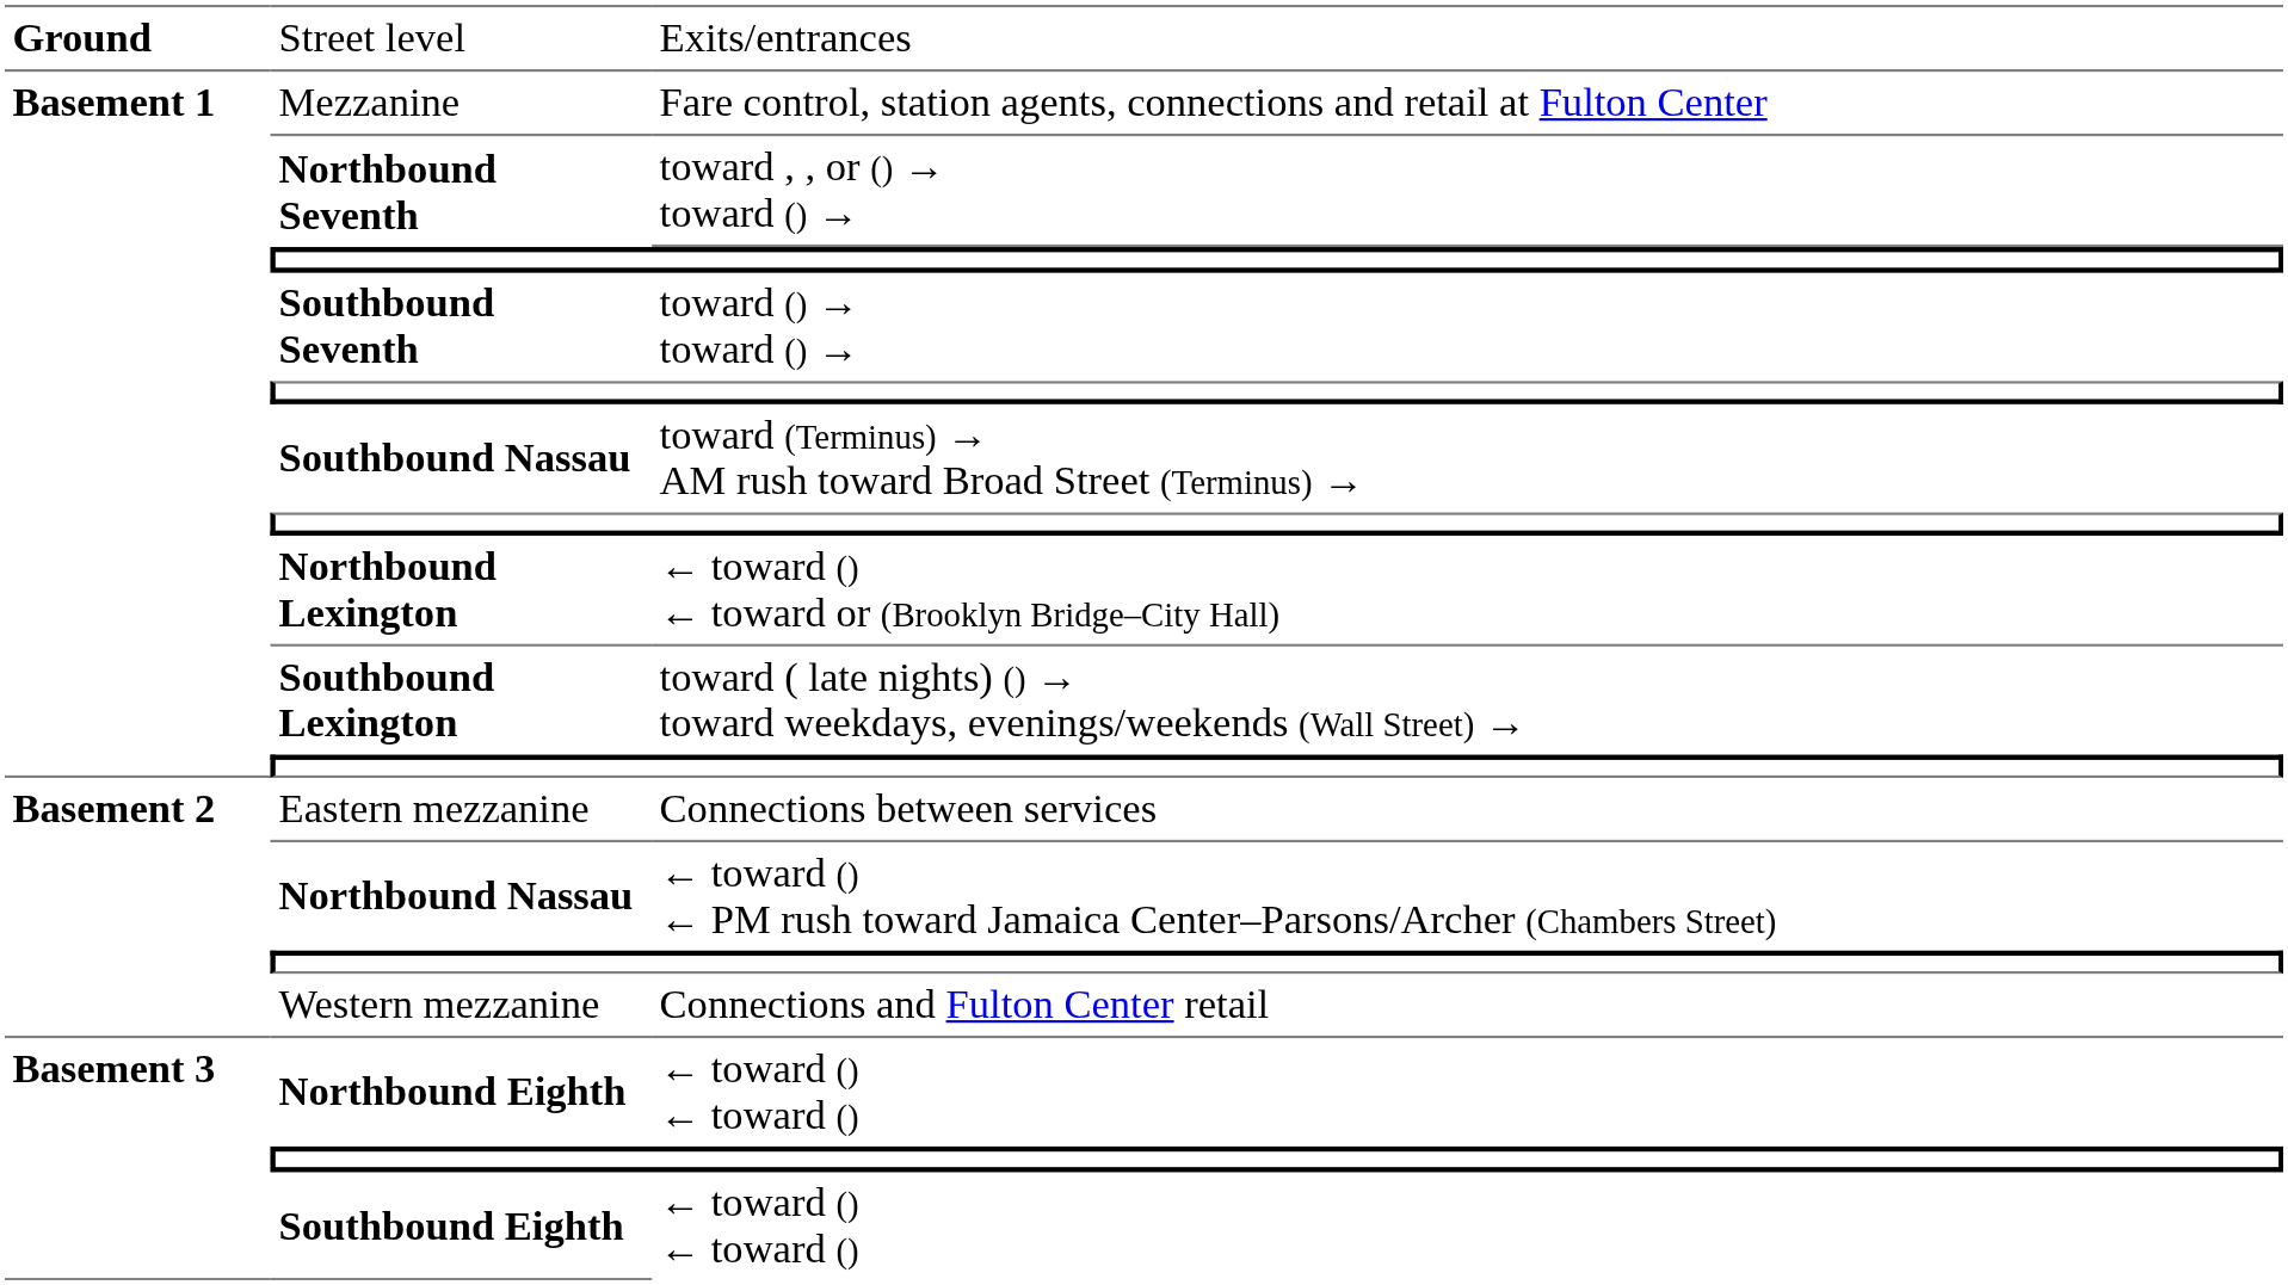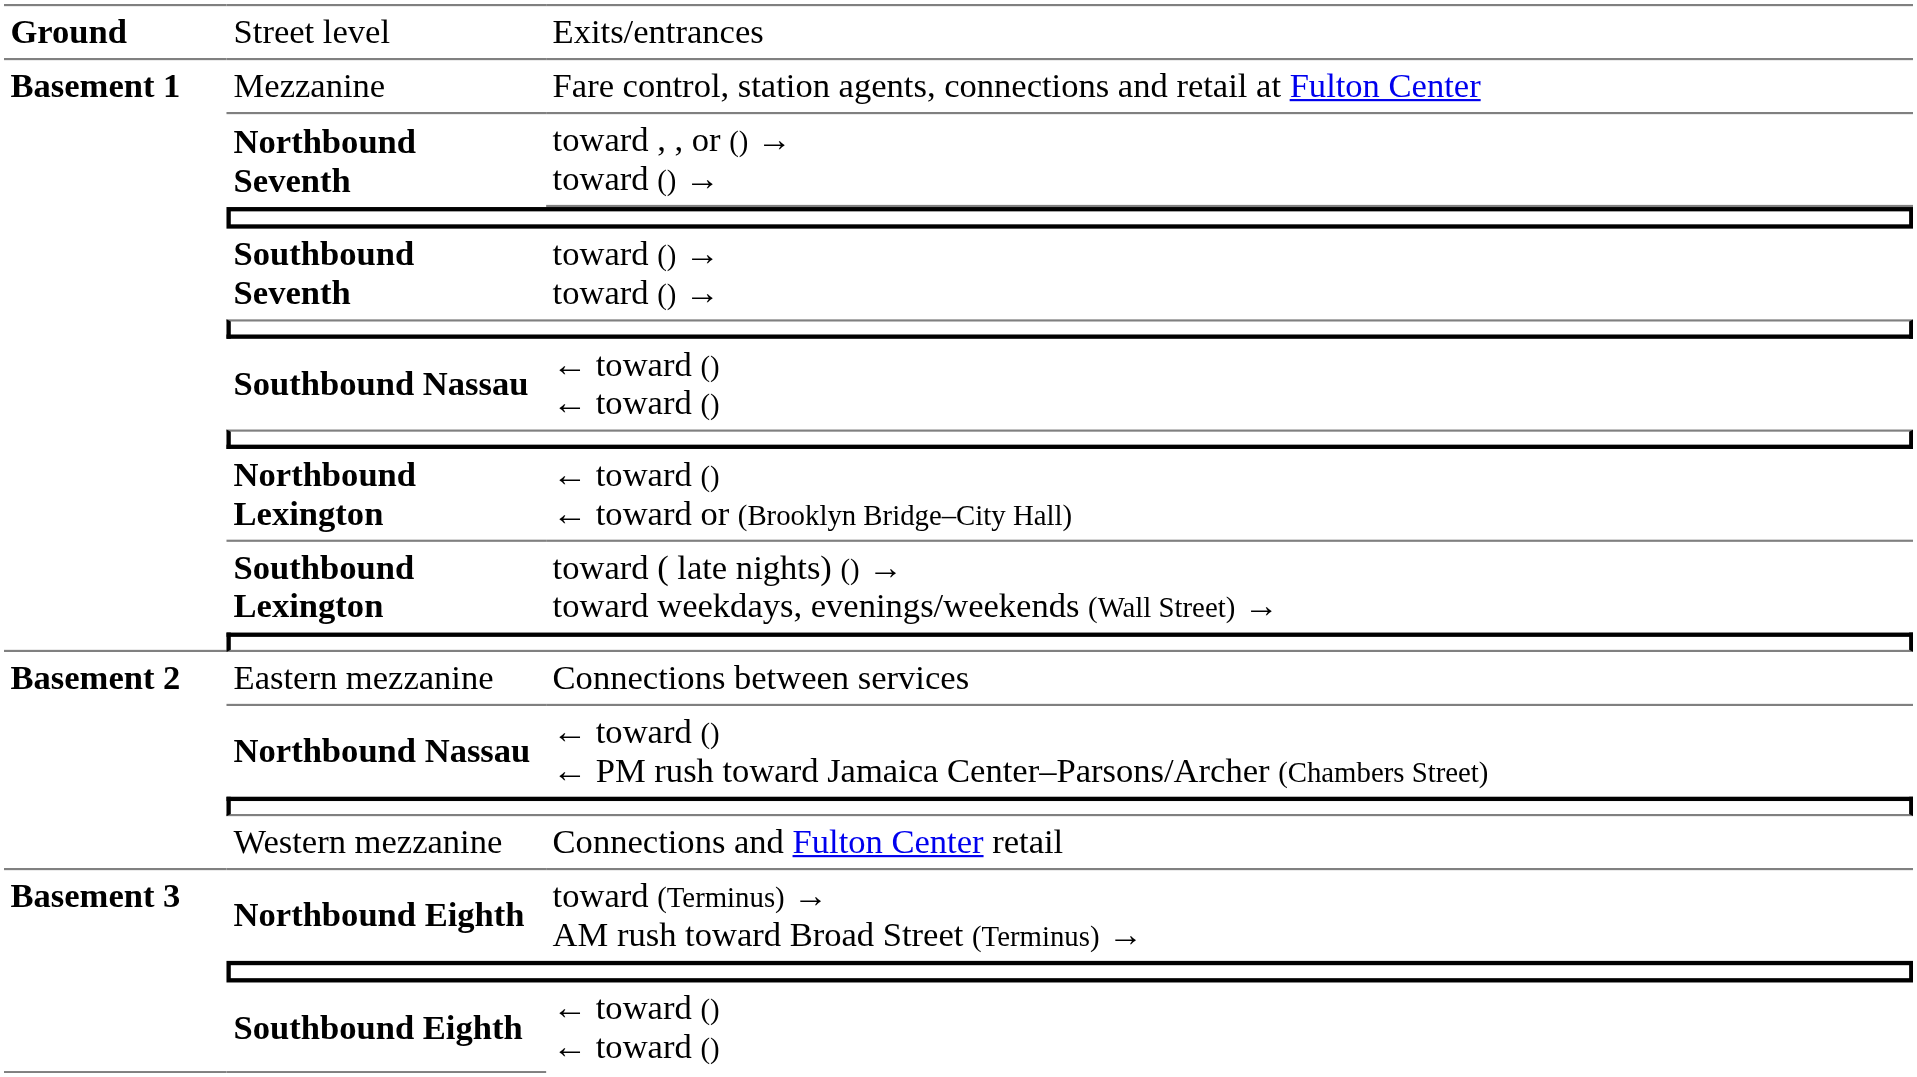 <table table border=0 cellspacing=0 cellpadding=3>
 <tr>
 <td style="border-bottom:solid 1px gray;border-top:solid 1px gray;" width=100><strong>Ground</strong></td>
 <td style="border-top:solid 1px gray;border-bottom:solid 1px gray;" width=150>Street level</td>
 <td style="border-top:solid 1px gray;border-bottom:solid 1px gray;" width=700>Exits/entrances<br></td>
 </tr>
 <tr>
 <td style="border-bottom:solid 1px gray;vertical-align:top" rowspan=10><strong>Basement 1</strong></td>
 <td style="border-bottom:solid 1px gray;">Mezzanine</td>
 <td style="border-bottom:solid 1px gray;">Fare control, station agents, connections and retail at <a href='#'>Fulton Center</a></td>
 </tr>
 <tr>
 <td><span><strong>Northbound Seventh</strong></span></td>
 <td style="border-bottom:solid 1px gray;">  toward , , or  <small>()</small> →<br>  toward  <small>()</small> →</td>
 </tr>
 <tr>
 <td style="border-top:solid 2px black;border-right:solid 2px black;border-left:solid 2px black;border-bottom:solid 2px black;text-align:center;" colspan=2></td>
 </tr>
 <tr>
 <td><span><strong>Southbound Seventh</strong></span></td>
 <td>  toward  <small>()</small> →<br>  toward  <small>()</small> →</td>
 </tr>
 <tr>
 <td style="border-top:solid 1px gray;border-right:solid 2px black;border-left:solid 2px black;border-bottom:solid 2px black;text-align:center;" colspan=2></td>
 </tr>
 <tr>
 <td><span><strong>Southbound Nassau</strong></span></td>
-<td>  toward  <small>(Terminus)</small> →<br>  AM rush toward Broad Street <small>(Terminus)</small> →</td>
+<td>←  toward  <small>()</small><br>←  toward  <small>()</small></td>
 </tr>
 <tr>
 <td style="border-top:solid 1px gray;border-right:solid 2px black;border-left:solid 2px black;border-bottom:solid 2px black;text-align:center;" colspan=2></td>
 </tr>
 <tr>
 <td style="border-bottom:solid 1px gray;"><span><strong>Northbound Lexington</strong></span></td>
 <td style="border-bottom:solid 1px gray;">←  toward  <small>()</small><br>←  toward  or  <small>(Brooklyn Bridge–City Hall)</small></td>
 </tr>
 <tr>
 <td><span><strong>Southbound Lexington</strong></span></td>
 <td>  toward  ( late nights) <small>()</small> →<br>  toward  weekdays,  evenings/weekends <small>(Wall Street)</small> →</td>
 </tr>
 <tr>
 <td style="border-top:solid 2px black;border-right:solid 2px black;border-left:solid 2px black;border-bottom:solid 1px gray;text-align:center;" colspan=2></td>
 </tr>
 <tr>
 <td style="border-bottom:solid 1px gray;vertical-align:top;" rowspan=4><strong>Basement 2</strong></td>
 <td style="border-bottom:solid 1px gray;">Eastern mezzanine</td>
 <td style="border-bottom:solid 1px gray;">Connections between services</td>
 </tr>
 <tr>
 <td><span><strong>Northbound Nassau</strong></span></td>
 <td>←  toward  <small>()</small><br>←  PM rush toward Jamaica Center–Parsons/Archer <small>(Chambers Street)</small></td>
 </tr>
 <tr>
 <td style="border-top:solid 2px black;border-right:solid 2px black;border-left:solid 2px black;border-bottom:solid 1px gray;text-align:center;" colspan=2></td>
 </tr>
 <tr>
 <td style="border-bottom:solid 1px gray;">Western mezzanine</td>
 <td style="border-bottom:solid 1px gray;">Connections and <a href='#'>Fulton Center</a> retail</td>
 </tr>
 <tr>
 <td style="border-bottom:solid 1px gray;vertical-align:top;" rowspan=3><strong>Basement 3</strong></td>
 <td><span><strong>Northbound Eighth</strong></span></td>
-<td>←  toward  <small>()</small><br>←  toward  <small>()</small></td>
+<td>  toward  <small>(Terminus)</small> →<br>  AM rush toward Broad Street <small>(Terminus)</small> →</td>
 </tr>
 <tr>
 <td style="border-top:solid 2px black;border-right:solid 2px black;border-left:solid 2px black;border-bottom:solid 2px black;text-align:center;" colspan=2></td>
 </tr>
 <tr>
 <td style="border-bottom:solid 1px gray;"><span><strong>Southbound Eighth</strong></span></td>
 <td>←  toward  <small>()</small><br>←  toward  <small>()</small></td>
 </tr>
 </table>
